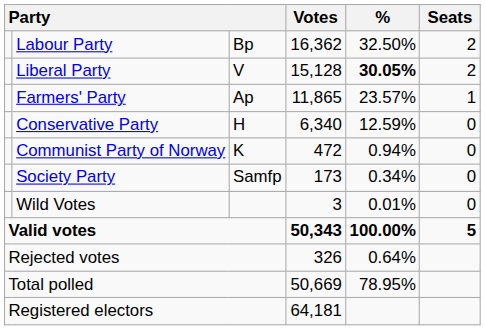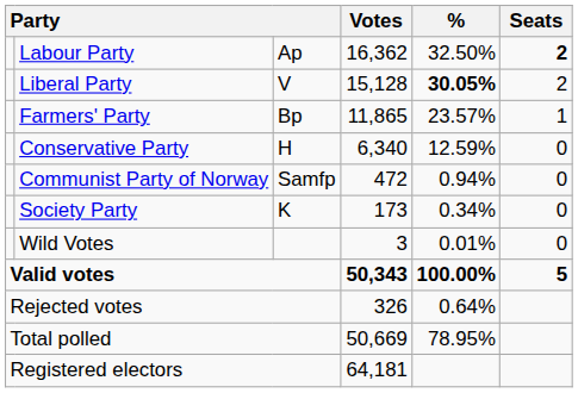 <table class="wikitable" border="1" style="text-align:right;">
 <tr>
 <th style="text-align:left;" colspan=3>Party</th>
 <th align=center width="50">Votes</th>
 <th align=center width="50">%</th>
 <th align=center width="50">Seats</th>
 </tr>
 <tr>
 <td style="color:inherit;background:"></td>
 <td align=left><a href='#'>Labour Party</a></td>
-<td align=left>Bp</td>
+<td align=left>Ap</td>
 <td>16,362</td>
 <td>32.50%</td>
-<td>2</td>
+<td><strong>2</strong></td>
 </tr>
 <tr>
 <td style="color:inherit;background:"></td>
 <td align=left><a href='#'>Liberal Party</a></td>
 <td align=left>V</td>
 <td>15,128</td>
 <td><strong>30.05%</strong></td>
 <td>2</td>
 </tr>
 <tr>
 <td style="color:inherit;background:"></td>
 <td align=left><a href='#'>Farmers' Party</a></td>
-<td align=left>Ap</td>
+<td align=left>Bp</td>
 <td>11,865</td>
 <td>23.57%</td>
 <td>1</td>
 </tr>
 <tr>
 <td style="color:inherit;background:"></td>
 <td align=left><a href='#'>Conservative Party</a></td>
 <td align=left>H</td>
 <td>6,340</td>
 <td>12.59%</td>
 <td>0</td>
 </tr>
 <tr>
 <td style="color:inherit;background:"></td>
 <td align=left><a href='#'>Communist Party of Norway</a></td>
-<td align=left>K</td>
+<td align=left>Samfp</td>
 <td>472</td>
 <td>0.94%</td>
 <td>0</td>
 </tr>
 <tr>
 <td></td>
 <td align=left><a href='#'>Society Party</a></td>
-<td align=left>Samfp</td>
+<td align=left>K</td>
 <td>173</td>
 <td>0.34%</td>
 <td>0</td>
 </tr>
 <tr>
 <td></td>
 <td align=left>Wild Votes</td>
 <td align=left></td>
 <td>3</td>
 <td>0.01%</td>
 <td>0</td>
 </tr>
 <tr style="font-weight:bold">
 <td align=left colspan=3>Valid votes</td>
 <td>50,343</td>
 <td>100.00%</td>
 <td>5</td>
 </tr>
 <tr>
 <td align=left colspan=3>Rejected votes</td>
 <td>326</td>
 <td>0.64%</td>
 <td></td>
 </tr>
 <tr>
 <td align=left colspan=3>Total polled</td>
 <td>50,669</td>
 <td>78.95%</td>
 <td></td>
 </tr>
 <tr>
 <td align=left colspan=3>Registered electors</td>
 <td>64,181</td>
 <td></td>
 <td></td>
 </tr>
 </table>
